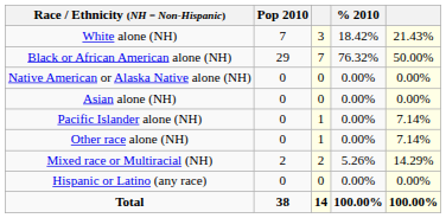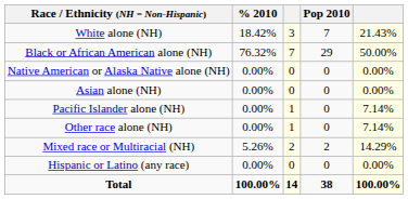 <table class="wikitable"  style="text-align:center;">
 <tr>
 <th>Race / Ethnicity <small>(<em>NH = Non-Hispanic</em>)</small></th>
+<th>% 2010</th>
+<th></th>
 <th>Pop 2010</th>
-<th></th>
-<th>% 2010</th>
 <th></th>
 </tr>
 <tr>
 <td><a href='#'>White</a> alone (NH)</td>
+<td>18.42%</td>
+<td style='background: #ffffe6;'>3</td>
 <td>7</td>
-<td style='background: #ffffe6;'>3</td>
-<td>18.42%</td>
 <td style='background: #ffffe6;'>21.43%</td>
 </tr>
 <tr>
 <td><a href='#'>Black or African American</a> alone (NH)</td>
+<td>76.32%</td>
+<td style='background: #ffffe6;'>7</td>
 <td>29</td>
-<td style='background: #ffffe6;'>7</td>
-<td>76.32%</td>
 <td style='background: #ffffe6;'>50.00%</td>
 </tr>
 <tr>
 <td><a href='#'>Native American</a> or <a href='#'>Alaska Native</a> alone (NH)</td>
+<td>0.00%</td>
+<td style='background: #ffffe6;'>0</td>
 <td>0</td>
-<td style='background: #ffffe6;'>0</td>
-<td>0.00%</td>
 <td style='background: #ffffe6;'>0.00%</td>
 </tr>
 <tr>
 <td><a href='#'>Asian</a> alone (NH)</td>
+<td>0.00%</td>
+<td style='background: #ffffe6;'>0</td>
 <td>0</td>
-<td style='background: #ffffe6;'>0</td>
-<td>0.00%</td>
 <td style='background: #ffffe6;'>0.00%</td>
 </tr>
 <tr>
 <td><a href='#'>Pacific Islander</a> alone (NH)</td>
+<td>0.00%</td>
+<td style='background: #ffffe6;'>1</td>
 <td>0</td>
-<td style='background: #ffffe6;'>1</td>
-<td>0.00%</td>
 <td style='background: #ffffe6;'>7.14%</td>
 </tr>
 <tr>
 <td><a href='#'>Other race</a> alone (NH)</td>
+<td>0.00%</td>
+<td style='background: #ffffe6;'>1</td>
 <td>0</td>
-<td style='background: #ffffe6;'>1</td>
-<td>0.00%</td>
 <td style='background: #ffffe6;'>7.14%</td>
 </tr>
 <tr>
 <td><a href='#'>Mixed race or Multiracial</a> (NH)</td>
+<td>5.26%</td>
+<td style='background: #ffffe6;'>2</td>
 <td>2</td>
-<td style='background: #ffffe6;'>2</td>
-<td>5.26%</td>
 <td style='background: #ffffe6;'>14.29%</td>
 </tr>
 <tr>
 <td><a href='#'>Hispanic or Latino</a> (any race)</td>
+<td>0.00%</td>
+<td style='background: #ffffe6;'>0</td>
 <td>0</td>
-<td style='background: #ffffe6;'>0</td>
-<td>0.00%</td>
 <td style='background: #ffffe6;'>0.00%</td>
 </tr>
 <tr>
 <td><strong>Total</strong></td>
+<td><strong>100.00%</strong></td>
+<td style='background: #ffffe6;'><strong>14</strong></td>
 <td><strong>38</strong></td>
-<td style='background: #ffffe6;'><strong>14</strong></td>
-<td><strong>100.00%</strong></td>
 <td style='background: #ffffe6;'><strong>100.00%</strong></td>
 </tr>
 </table>
